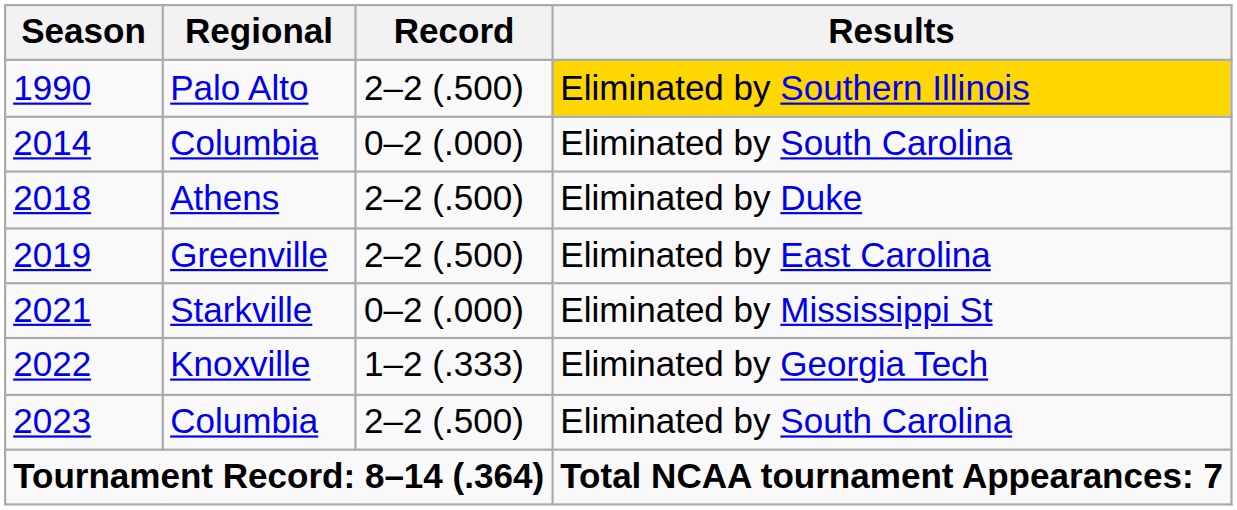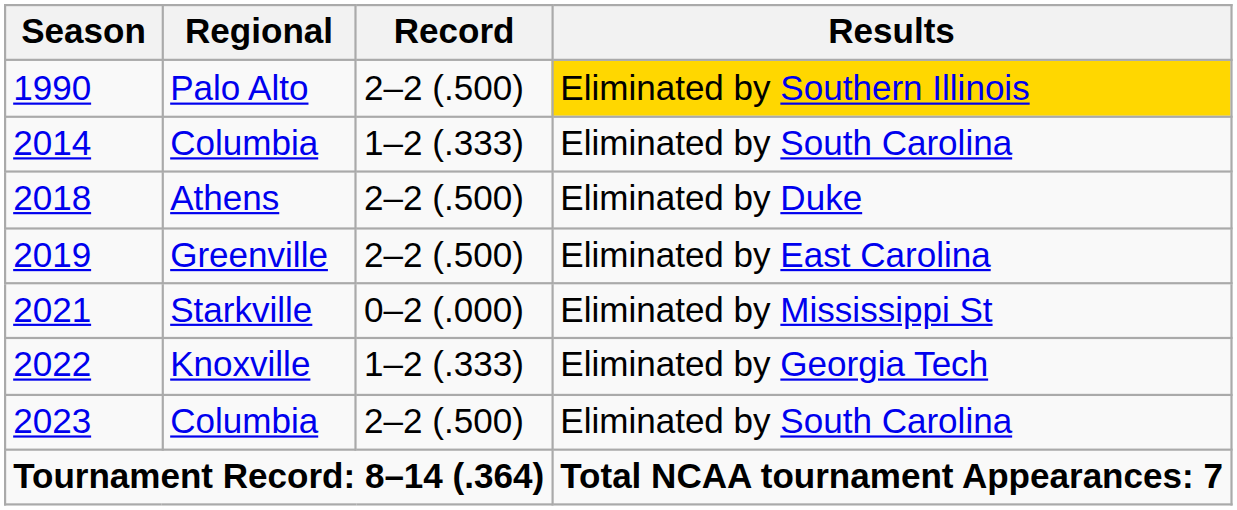 <table class= wikitable>
 <tr>
 <th width=px>Season</th>
 <th width=px>Regional</th>
 <th width=px>Record</th>
 <th width=px>Results</th>
 </tr>
 <tr>
 <td><a href='#'>1990</a></td>
 <td><a href='#'>Palo Alto</a></td>
 <td>2–2 (.500)</td>
 <td style="background: gold;">Eliminated by <a href='#'>Southern Illinois</a></td>
 </tr>
 <tr>
 <td><a href='#'>2014</a></td>
 <td><a href='#'>Columbia</a></td>
-<td>0–2 (.000)</td>
+<td>1–2 (.333)</td>
 <td>Eliminated by <a href='#'>South Carolina</a></td>
 </tr>
 <tr>
 <td><a href='#'>2018</a></td>
 <td><a href='#'>Athens</a></td>
 <td>2–2 (.500)</td>
 <td>Eliminated by <a href='#'>Duke</a></td>
 </tr>
 <tr>
 <td><a href='#'>2019</a></td>
 <td><a href='#'>Greenville</a></td>
 <td>2–2 (.500)</td>
 <td>Eliminated by <a href='#'>East Carolina</a></td>
 </tr>
 <tr>
 <td><a href='#'>2021</a></td>
 <td><a href='#'>Starkville</a></td>
 <td>0–2 (.000)</td>
 <td>Eliminated by <a href='#'>Mississippi St</a></td>
 </tr>
 <tr>
 <td><a href='#'>2022</a></td>
 <td><a href='#'>Knoxville</a></td>
 <td>1–2 (.333)</td>
 <td>Eliminated by <a href='#'>Georgia Tech</a></td>
 </tr>
 <tr>
 <td><a href='#'>2023</a></td>
 <td><a href='#'>Columbia</a></td>
 <td>2–2 (.500)</td>
 <td>Eliminated by <a href='#'>South Carolina</a></td>
 </tr>
 <tr>
 <td colspan="3"><strong>Tournament Record: 8–14 (.364)</strong></td>
 <td><strong>Total NCAA tournament Appearances: 7</strong></td>
 </tr>
 </table>
